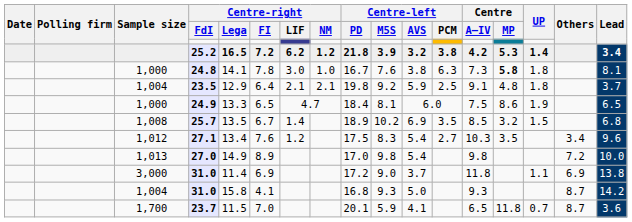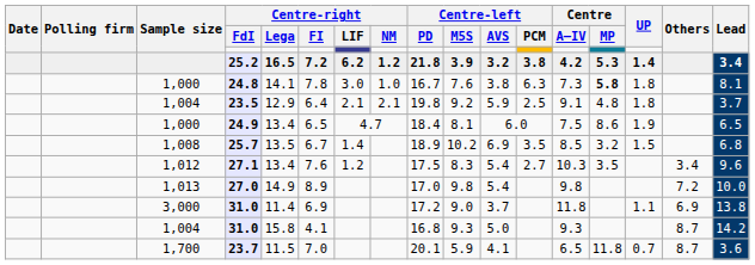 <table class=wikitable style="text-align:center;font-size:85%;line-height:13px">
 <tr>
 <th rowspan="3">Date</th>
 <th rowspan="3">Polling firm</th>
 <th rowspan="3">Sample size</th>
 <th colspan="5"><a href='#'>Centre-right</a></th>
 <th colspan="4"><a href='#'>Centre-left</a></th>
 <th colspan="2">Centre</th>
 <th rowspan="2" style="width:27px;"><a href='#'>UP</a></th>
 <th rowspan="3">Others</th>
 <th rowspan="3">Lead</th>
 </tr>
 <tr>
 <th style="width:27px;"><a href='#'>FdI</a></th>
 <th style="width:27px;"><a href='#'>Lega</a></th>
 <th style="width:27px;"><a href='#'>FI</a></th>
 <th style="width:27px;">LIF</th>
 <th style="width:27px;"><a href='#'>NM</a></th>
 <th style="width:27px;"><a href='#'>PD</a></th>
 <th style="width:27px;"><a href='#'>M5S</a></th>
 <th style="width:27px;"><a href='#'>AVS</a></th>
 <th style="width:27px;">PCM</th>
 <th style="width:27px;"><a href='#'>A–IV</a></th>
 <th style="width:27px;"><a href='#'>MP</a></th>
 </tr>
 <tr>
 <td></td>
 <td></td>
 <td></td>
 <td bgcolor="#363A91"></td>
 <td></td>
 <td></td>
 <td></td>
 <td></td>
 <td bgcolor="#FEBB00"></td>
 <td></td>
 <td bgcolor="#0A7D98"></td>
 <td></td>
 </tr>
 <tr style="background:#EFEFEF; font-weight:bold;">
 <td></td>
 <td></td>
 <td></td>
 <td style="background:#E5E7FF;"><strong>25.2</strong></td>
 <td>16.5</td>
 <td>7.2</td>
 <td>6.2</td>
 <td>1.2</td>
 <td>21.8</td>
 <td>3.9</td>
 <td>3.2</td>
 <td>3.8</td>
 <td>4.2</td>
 <td>5.3</td>
 <td>1.4</td>
 <td></td>
 <td style="background:#03386A; color:white;">3.4</td>
 </tr>
 <tr>
 <td></td>
 <td></td>
 <td>1,000</td>
 <td style="background:#E5E7FF;"><strong>24.8</strong></td>
 <td>14.1</td>
 <td>7.8</td>
 <td>3.0</td>
 <td>1.0</td>
 <td>16.7</td>
 <td>7.6</td>
 <td>3.8</td>
 <td>6.3</td>
 <td>7.3</td>
 <td><strong>5.8</strong></td>
 <td>1.8</td>
 <td></td>
 <td style="background:#03386A; color:white;">8.1</td>
 </tr>
 <tr>
 <td></td>
 <td></td>
 <td>1,004</td>
 <td style="background:#E5E7FF;"><strong>23.5</strong></td>
 <td>12.9</td>
 <td>6.4</td>
 <td>2.1</td>
 <td>2.1</td>
 <td>19.8</td>
 <td>9.2</td>
 <td>5.9</td>
 <td>2.5</td>
 <td>9.1</td>
 <td>4.8</td>
 <td>1.8</td>
 <td></td>
 <td style="background:#03386A; color:white;">3.7</td>
 </tr>
 <tr>
 <td></td>
 <td></td>
 <td>1,000</td>
 <td style="background:#E5E7FF;"><strong>24.9</strong></td>
-<td>13.3</td>
+<td>13.4</td>
 <td>6.5</td>
 <td colspan="2">4.7</td>
 <td>18.4</td>
 <td>8.1</td>
 <td colspan="2">6.0</td>
 <td>7.5</td>
 <td>8.6</td>
 <td>1.9</td>
 <td></td>
 <td style="background:#03386A; color:white;">6.5</td>
 </tr>
 <tr>
 <td></td>
 <td></td>
 <td>1,008</td>
 <td style="background:#E5E7FF;"><strong>25.7</strong></td>
 <td>13.5</td>
 <td>6.7</td>
 <td>1.4</td>
 <td></td>
 <td>18.9</td>
 <td>10.2</td>
 <td>6.9</td>
 <td>3.5</td>
 <td>8.5</td>
 <td>3.2</td>
 <td>1.5</td>
 <td></td>
 <td style="background:#03386A; color:white;">6.8</td>
 </tr>
 <tr>
 <td></td>
 <td></td>
 <td>1,012</td>
 <td style="background:#E5E7FF;"><strong>27.1</strong></td>
 <td>13.4</td>
 <td>7.6</td>
 <td>1.2</td>
 <td></td>
 <td>17.5</td>
 <td>8.3</td>
 <td>5.4</td>
 <td>2.7</td>
 <td>10.3</td>
 <td>3.5</td>
 <td></td>
 <td>3.4</td>
 <td style="background:#03386A; color:white;">9.6</td>
 </tr>
 <tr>
 <td></td>
 <td></td>
 <td>1,013</td>
 <td style="background:#E5E7FF;"><strong>27.0</strong></td>
 <td>14.9</td>
 <td>8.9</td>
 <td></td>
 <td></td>
 <td>17.0</td>
 <td>9.8</td>
 <td>5.4</td>
 <td></td>
 <td>9.8</td>
 <td></td>
 <td></td>
 <td>7.2</td>
 <td style="background:#03386A; color:white;">10.0</td>
 </tr>
 <tr>
 <td></td>
 <td></td>
 <td>3,000</td>
 <td style="background:#E5E7FF;"><strong>31.0</strong></td>
 <td>11.4</td>
 <td>6.9</td>
 <td></td>
 <td></td>
 <td>17.2</td>
 <td>9.0</td>
 <td>3.7</td>
 <td></td>
 <td>11.8</td>
 <td></td>
 <td>1.1</td>
 <td>6.9</td>
 <td style="background:#03386A; color:white;">13.8</td>
 </tr>
 <tr>
 <td></td>
 <td></td>
 <td>1,004</td>
 <td style="background:#E5E7FF;"><strong>31.0</strong></td>
 <td>15.8</td>
 <td>4.1</td>
 <td></td>
 <td></td>
 <td>16.8</td>
 <td>9.3</td>
 <td>5.0</td>
 <td></td>
 <td>9.3</td>
 <td></td>
 <td></td>
 <td>8.7</td>
 <td style="background:#03386A; color:white;">14.2</td>
 </tr>
 <tr>
 <td></td>
 <td></td>
 <td>1,700</td>
 <td style="background:#E5E7FF;"><strong>23.7</strong></td>
 <td>11.5</td>
 <td>7.0</td>
 <td></td>
 <td></td>
 <td>20.1</td>
 <td>5.9</td>
 <td>4.1</td>
 <td></td>
 <td>6.5</td>
 <td>11.8</td>
 <td>0.7</td>
 <td>8.7</td>
 <td style="background:#03386A; color:white;">3.6</td>
 </tr>
 </table>
